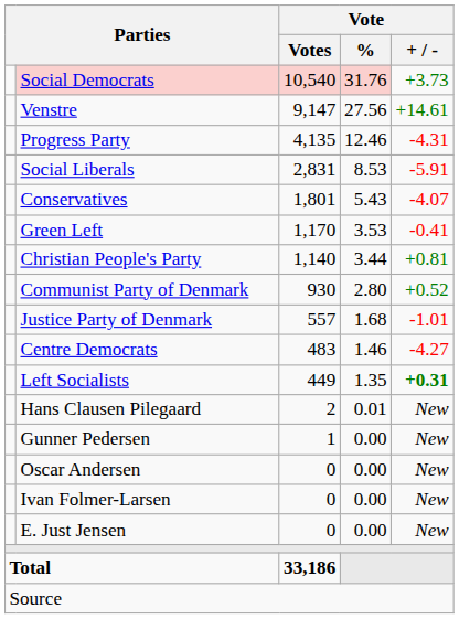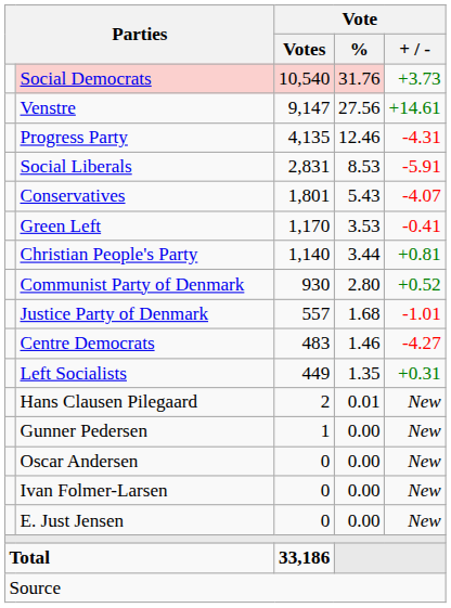 <table class="wikitable" style="text-align:right;">
 <tr>
 <th style="text-align:centre;" rowspan="2" colspan="2" width="225">Parties</th>
 <th colspan="3">Vote</th>
 </tr>
 <tr>
 <th width="15">Votes</th>
 <th width="15">%</th>
 <th width="15">+ / -</th>
 </tr>
 <tr>
 <td width="2" style="color:inherit;background:"></td>
 <td bgcolor=#fbd0ce  align="left"><a href='#'>Social Democrats</a></td>
 <td bgcolor=#fbd0ce>10,540</td>
 <td bgcolor=#fbd0ce>31.76</td>
 <td style=color:green;>+3.73</td>
 </tr>
 <tr>
 <td width="2" style="color:inherit;background:"></td>
 <td align="left"><a href='#'>Venstre</a></td>
 <td>9,147</td>
 <td>27.56</td>
 <td style=color:green;>+14.61</td>
 </tr>
 <tr>
 <td width="2" style="color:inherit;background:"></td>
 <td align="left"><a href='#'>Progress Party</a></td>
 <td>4,135</td>
 <td>12.46</td>
 <td style=color:red;>-4.31</td>
 </tr>
 <tr>
 <td width="2" style="color:inherit;background:"></td>
 <td align="left"><a href='#'>Social Liberals</a></td>
 <td>2,831</td>
 <td>8.53</td>
 <td style=color:red;>-5.91</td>
 </tr>
 <tr>
 <td width="2" style="color:inherit;background:"></td>
 <td align="left"><a href='#'>Conservatives</a></td>
 <td>1,801</td>
 <td>5.43</td>
 <td style=color:red;>-4.07</td>
 </tr>
 <tr>
 <td width="2" style="color:inherit;background:"></td>
 <td align="left"><a href='#'>Green Left</a></td>
 <td>1,170</td>
 <td>3.53</td>
 <td style=color:red;>-0.41</td>
 </tr>
 <tr>
 <td width="2" style="color:inherit;background:"></td>
 <td align="left"><a href='#'>Christian People's Party</a></td>
 <td>1,140</td>
 <td>3.44</td>
 <td style=color:green;>+0.81</td>
 </tr>
 <tr>
 <td width="2" style="color:inherit;background:"></td>
 <td align="left"><a href='#'>Communist Party of Denmark</a></td>
 <td>930</td>
 <td>2.80</td>
 <td style=color:green;>+0.52</td>
 </tr>
 <tr>
 <td width="2" style="color:inherit;background:"></td>
 <td align="left"><a href='#'>Justice Party of Denmark</a></td>
 <td>557</td>
 <td>1.68</td>
 <td style=color:red;>-1.01</td>
 </tr>
 <tr>
 <td width="2" style="color:inherit;background:"></td>
 <td align="left"><a href='#'>Centre Democrats</a></td>
 <td>483</td>
 <td>1.46</td>
 <td style=color:red;>-4.27</td>
 </tr>
 <tr>
 <td width="2" style="color:inherit;background:"></td>
 <td align="left"><a href='#'>Left Socialists</a></td>
 <td>449</td>
 <td>1.35</td>
-<td style=color:green;><strong>+0.31</strong></td>
+<td style=color:green;>+0.31</td>
 </tr>
 <tr>
 <td width="2" style="color:inherit;background:"></td>
 <td align="left">Hans Clausen Pilegaard</td>
 <td>2</td>
 <td>0.01</td>
 <td><em>New</em></td>
 </tr>
 <tr>
 <td width="2" style="color:inherit;background:"></td>
 <td align="left">Gunner Pedersen</td>
 <td>1</td>
 <td>0.00</td>
 <td><em>New</em></td>
 </tr>
 <tr>
 <td width="2" style="color:inherit;background:"></td>
 <td align="left">Oscar Andersen</td>
 <td>0</td>
 <td>0.00</td>
 <td><em>New</em></td>
 </tr>
 <tr>
 <td width="2" style="color:inherit;background:"></td>
 <td align="left">Ivan Folmer-Larsen</td>
 <td>0</td>
 <td>0.00</td>
 <td><em>New</em></td>
 </tr>
 <tr>
 <td width="2" style="color:inherit;background:"></td>
 <td align="left">E. Just Jensen</td>
 <td>0</td>
 <td>0.00</td>
 <td><em>New</em></td>
 </tr>
 <tr>
 <td colspan="7" bgcolor="#E9E9E9"></td>
 </tr>
 <tr>
 <td align="left" colspan="2"><strong>Total</strong></td>
 <td><strong>33,186</strong></td>
 <td bgcolor="#E9E9E9" colspan="2"></td>
 </tr>
 <tr>
 <td align="left" colspan="6">Source</td>
 </tr>
 </table>
